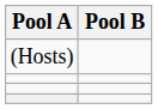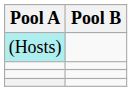 <table class="wikitable">
 <tr>
 <th width=50%>Pool A</th>
 <th width=50%>Pool B</th>
 </tr>
 <tr>
-<td> (Hosts)</td>
+<td style="background: paleturquoise;"> (Hosts)</td>
 <td></td>
 </tr>
 <tr>
 <td></td>
 <td></td>
 </tr>
 <tr>
 <td></td>
 <td></td>
 </tr>
 <tr>
 <th></th>
 <td></td>
 </tr>
 </table>
